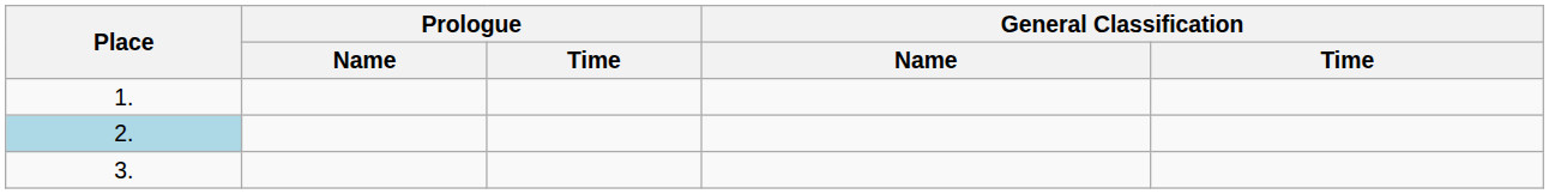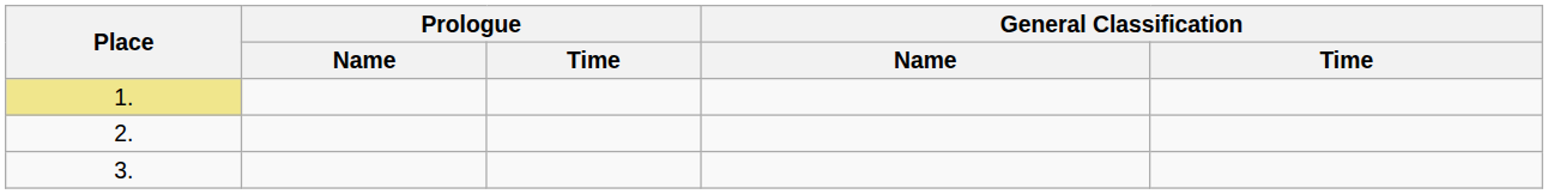 <table class=wikitable style="font-size:95%" width="80%">
 <tr>
 <th rowspan="2">Place</th>
 <th colspan="2">Prologue</th>
 <th colspan="2">General Classification</th>
 </tr>
 <tr>
 <th>Name</th>
 <th>Time</th>
 <th>Name</th>
 <th>Time</th>
 </tr>
 <tr>
-<td align="center">1.</td>
+<td align="center" style="background: khaki;">1.</td>
 <td></td>
 <td></td>
 <td></td>
 <td></td>
 </tr>
 <tr>
-<td align="center" style="background: lightblue;">2.</td>
+<td align="center">2.</td>
 <td></td>
 <td></td>
 <td></td>
 <td></td>
 </tr>
 <tr>
 <td align="center">3.</td>
 <td></td>
 <td></td>
 <td></td>
 <td></td>
 </tr>
 </table>
